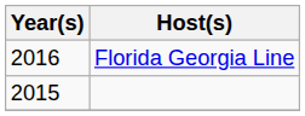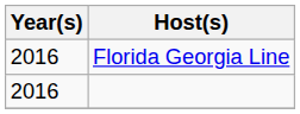 <table class="wikitable">
 <tr>
 <th>Year(s)</th>
 <th>Host(s)</th>
 </tr>
 <tr>
 <td>2016</td>
 <td><a href='#'>Florida Georgia Line</a></td>
 </tr>
 <tr>
-<td>2015</td>
+<td>2016</td>
 <td></td>
 </tr>
 <tr>
 </tr>
 </table>
